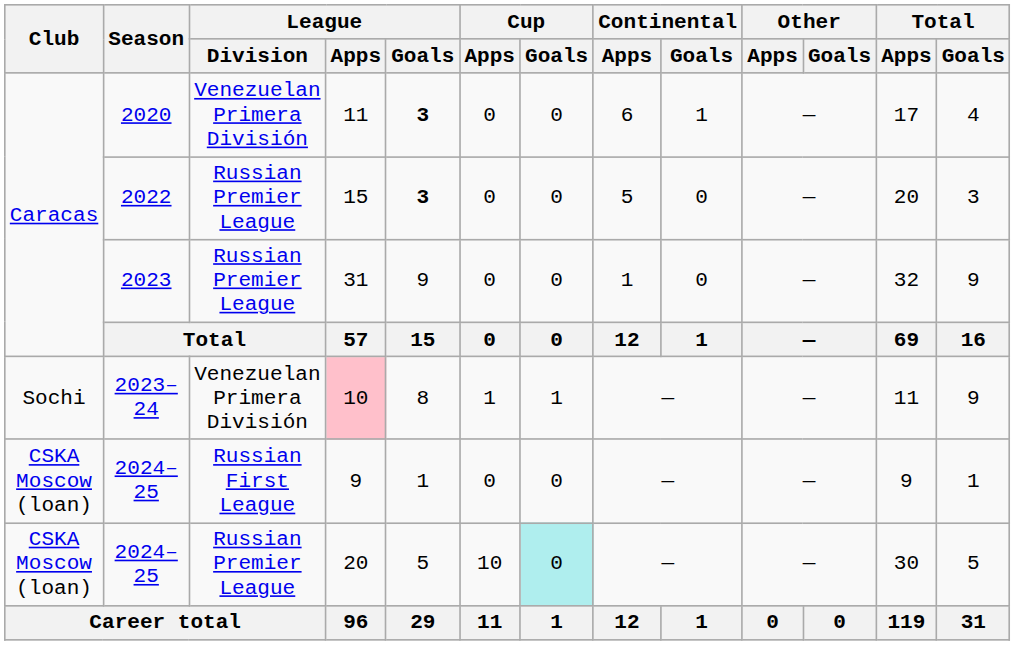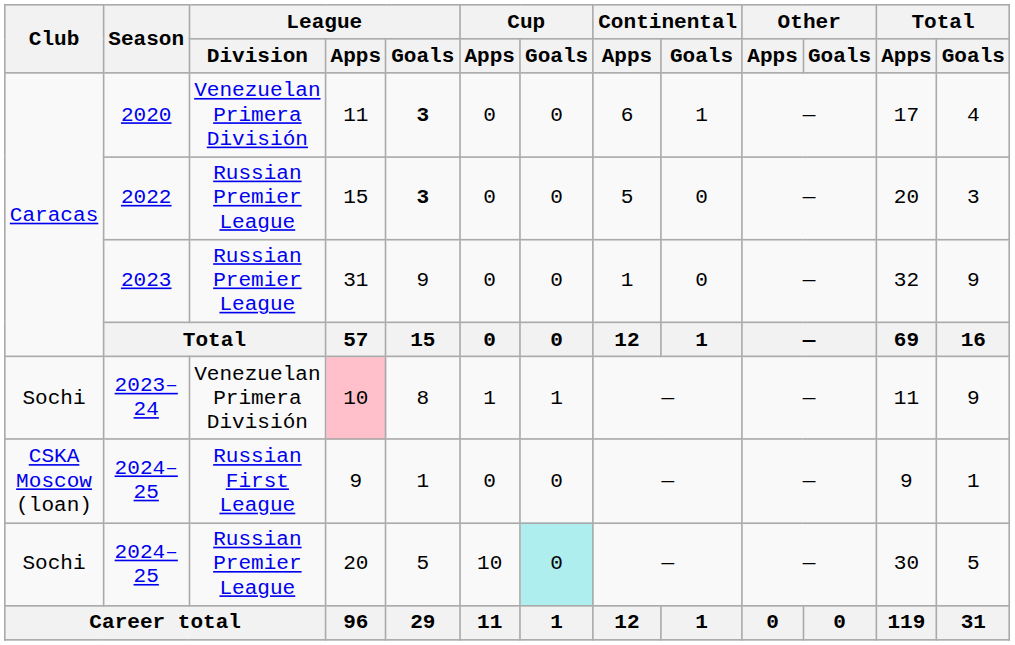 <table class="wikitable" style="text-align: center;">
 <tr>
 <th rowspan="2">Club</th>
 <th rowspan="2">Season</th>
 <th colspan="3">League</th>
 <th colspan="2">Cup</th>
 <th colspan="2">Continental</th>
 <th colspan="2">Other</th>
 <th colspan="2">Total</th>
 </tr>
 <tr>
 <th>Division</th>
 <th>Apps</th>
 <th>Goals</th>
 <th>Apps</th>
 <th>Goals</th>
 <th>Apps</th>
 <th>Goals</th>
 <th>Apps</th>
 <th>Goals</th>
 <th>Apps</th>
 <th>Goals</th>
 </tr>
 <tr>
 <td rowspan="4"><a href='#'>Caracas</a></td>
 <td><a href='#'>2020</a></td>
 <td><a href='#'>Venezuelan Primera División</a></td>
 <td>11</td>
 <td><strong>3</strong></td>
 <td>0</td>
 <td>0</td>
 <td>6</td>
 <td>1</td>
 <td colspan="2">—</td>
 <td>17</td>
 <td>4</td>
 </tr>
 <tr>
 <td><a href='#'>2022</a></td>
 <td><a href='#'>Russian Premier League</a></td>
 <td>15</td>
 <td><strong>3</strong></td>
 <td>0</td>
 <td>0</td>
 <td>5</td>
 <td>0</td>
 <td colspan="2">—</td>
 <td>20</td>
 <td>3</td>
 </tr>
 <tr>
 <td><a href='#'>2023</a></td>
 <td><a href='#'>Russian Premier League</a></td>
 <td>31</td>
 <td>9</td>
 <td>0</td>
 <td>0</td>
 <td>1</td>
 <td>0</td>
 <td colspan="2">—</td>
 <td>32</td>
 <td>9</td>
 </tr>
 <tr>
 <th colspan="2">Total</th>
 <th>57</th>
 <th>15</th>
 <th>0</th>
 <th>0</th>
 <th>12</th>
 <th>1</th>
 <th colspan="2">—</th>
 <th>69</th>
 <th>16</th>
 </tr>
 <tr>
 <td>Sochi</td>
 <td><a href='#'>2023–24</a></td>
 <td>Venezuelan Primera División</td>
 <td style="background: pink;">10</td>
 <td>8</td>
 <td>1</td>
 <td>1</td>
 <td colspan="2">—</td>
 <td colspan="2">—</td>
 <td>11</td>
 <td>9</td>
 </tr>
 <tr>
 <td><a href='#'>CSKA Moscow</a> (loan)</td>
 <td><a href='#'>2024–25</a></td>
 <td><a href='#'>Russian First League</a></td>
 <td>9</td>
 <td>1</td>
 <td>0</td>
 <td>0</td>
 <td colspan="2">—</td>
 <td colspan="2">—</td>
 <td>9</td>
 <td>1</td>
 </tr>
 <tr>
-<td><a href='#'>CSKA Moscow</a> (loan)</td>
+<td>Sochi</td>
 <td><a href='#'>2024–25</a></td>
 <td><a href='#'>Russian Premier League</a></td>
 <td>20</td>
 <td>5</td>
 <td>10</td>
 <td style="background: paleturquoise;">0</td>
 <td colspan="2">—</td>
 <td colspan="2">—</td>
 <td>30</td>
 <td>5</td>
 </tr>
 <tr>
 <th colspan="3">Career total</th>
 <th>96</th>
 <th>29</th>
 <th>11</th>
 <th>1</th>
 <th>12</th>
 <th>1</th>
 <th>0</th>
 <th>0</th>
 <th>119</th>
 <th>31</th>
 </tr>
 </table>
